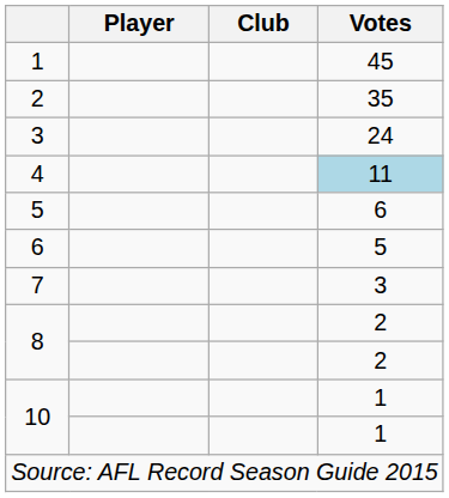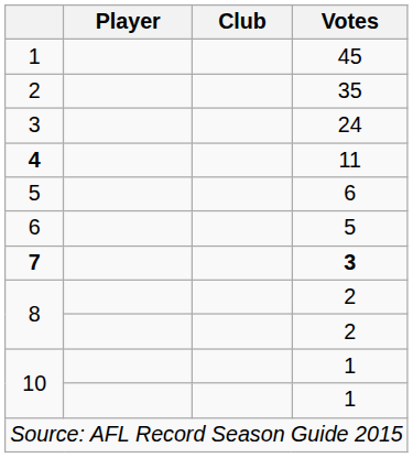 <table class="wikitable sortable" style="text-align:center">
 <tr>
 <th></th>
 <th>Player</th>
 <th>Club</th>
 <th>Votes</th>
 </tr>
 <tr>
 <td>1</td>
 <td></td>
 <td></td>
 <td>45</td>
 </tr>
 <tr>
 <td>2</td>
 <td></td>
 <td></td>
 <td>35</td>
 </tr>
 <tr>
 <td>3</td>
 <td></td>
 <td></td>
 <td>24</td>
 </tr>
 <tr>
-<td>4</td>
+<td><strong>4</strong></td>
 <td></td>
 <td></td>
-<td style="background: lightblue;">11</td>
+<td>11</td>
 </tr>
 <tr>
 <td>5</td>
 <td></td>
 <td></td>
 <td>6</td>
 </tr>
 <tr>
 <td>6</td>
 <td></td>
 <td></td>
 <td>5</td>
 </tr>
 <tr>
-<td>7</td>
+<td><strong>7</strong></td>
 <td></td>
 <td></td>
-<td>3</td>
+<td><strong>3</strong></td>
 </tr>
 <tr>
 <td rowspan=2>8</td>
 <td></td>
 <td></td>
 <td>2</td>
 </tr>
 <tr>
 <td></td>
 <td></td>
 <td>2</td>
 </tr>
 <tr>
 <td rowspan=2>10</td>
 <td></td>
 <td></td>
 <td>1</td>
 </tr>
 <tr>
 <td></td>
 <td></td>
 <td>1</td>
 </tr>
 <tr class="sortbottom">
 <td colspan=4><em>Source: AFL Record Season Guide 2015</em></td>
 </tr>
 </table>
